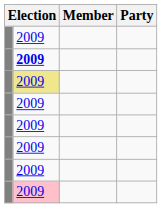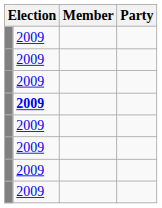 <table class="wikitable">
 <tr>
 <th colspan="2">Election</th>
 <th>Member</th>
 <th>Party</th>
 </tr>
 <tr>
 <td style="background-color: grey"></td>
 <td><a href='#'>2009</a></td>
 <td></td>
 <td></td>
 </tr>
 <tr>
 <td style="background-color: grey"></td>
-<td><strong><a href='#'>2009</a></strong></td>
+<td><a href='#'>2009</a></td>
 <td></td>
 <td></td>
 </tr>
 <tr>
 <td style="background-color: grey"></td>
-<td style="background: khaki;"><a href='#'>2009</a></td>
+<td><a href='#'>2009</a></td>
+<td></td>
+<td></td>
+</tr>
+<tr>
+<td style="background-color: grey"></td>
+<td><strong><a href='#'>2009</a></strong></td>
 <td></td>
 <td></td>
 </tr>
 <tr>
 <td style="background-color: grey"></td>
 <td><a href='#'>2009</a></td>
 <td></td>
 <td></td>
 </tr>
 <tr>
 <td style="background-color: grey"></td>
 <td><a href='#'>2009</a></td>
 <td></td>
 <td></td>
 </tr>
 <tr>
 <td style="background-color: grey"></td>
 <td><a href='#'>2009</a></td>
 <td></td>
 <td></td>
 </tr>
 <tr>
 <td style="background-color: grey"></td>
 <td><a href='#'>2009</a></td>
 <td></td>
 <td></td>
 </tr>
-<tr>
-<td style="background-color: grey"></td>
-<td style="background: pink;"><a href='#'>2009</a></td>
-<td></td>
-<td></td>
-</tr>
 </table>
